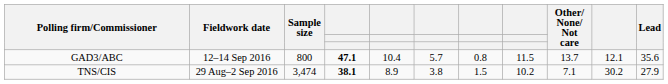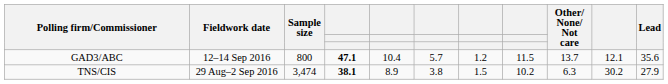 <table class="wikitable collapsible collapsed" style="text-align:center; font-size:90%; line-height:14px;">
 <tr style="height:42px;">
 <th style="width:250px;" rowspan="3">Polling firm/Commissioner</th>
 <th style="width:125px;" rowspan="3">Fieldwork date</th>
 <th style="width:50px;" rowspan="3">Sample size</th>
 <th style="width:55px;"></th>
 <th style="width:55px;"></th>
 <th style="width:55px;"></th>
 <th style="width:55px;"></th>
 <th style="width:55px;"></th>
 <th style="width:55px;" rowspan="3">Other/<br>None/<br>Not<br>care</th>
 <th style="width:55px;" rowspan="3"></th>
 <th style="width:30px;" rowspan="3">Lead</th>
 </tr>
 <tr>
 <th style="color:inherit;background:"></th>
 <th style="color:inherit;background:"></th>
 <th style="color:inherit;background:"></th>
 <th style="color:inherit;background:"></th>
 <th style="color:inherit;background:"></th>
 </tr>
 <tr>
 <th></th>
 <th></th>
 <th></th>
 <th></th>
 <th></th>
 </tr>
 <tr>
 <td>GAD3/ABC</td>
 <td>12–14 Sep 2016</td>
 <td>800</td>
 <td><strong>47.1</strong></td>
 <td>10.4</td>
 <td>5.7</td>
-<td>0.8</td>
+<td>1.2</td>
 <td>11.5</td>
 <td>13.7</td>
 <td>12.1</td>
 <td style="background:">35.6</td>
 </tr>
 <tr>
 <td>TNS/CIS</td>
 <td>29 Aug–2 Sep 2016</td>
 <td>3,474</td>
 <td><strong>38.1</strong></td>
 <td>8.9</td>
 <td>3.8</td>
 <td>1.5</td>
 <td>10.2</td>
-<td>7.1</td>
+<td>6.3</td>
 <td>30.2</td>
 <td style="background:">27.9</td>
 </tr>
 </table>
